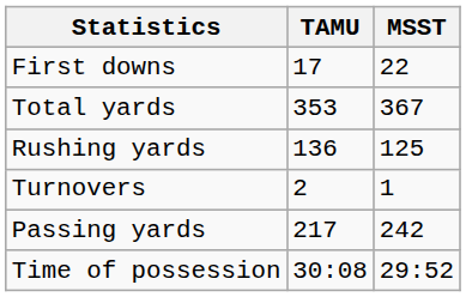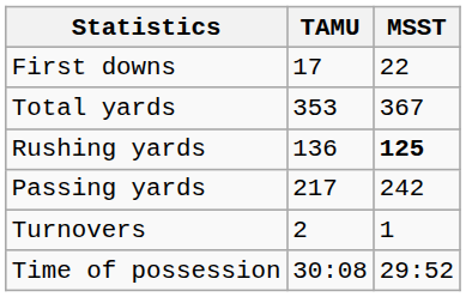 <table class="wikitable" style="float: left;">
 <tr>
 <th>Statistics</th>
 <th>TAMU</th>
 <th>MSST</th>
 </tr>
 <tr>
 <td>First downs</td>
 <td>17</td>
 <td>22</td>
 </tr>
 <tr>
 <td>Total yards</td>
 <td>353</td>
 <td>367</td>
 </tr>
 <tr>
 <td>Rushing yards</td>
 <td>136</td>
-<td>125</td>
+<td><strong>125</strong></td>
+</tr>
+<tr>
+<td>Passing yards</td>
+<td>217</td>
+<td>242</td>
 </tr>
 <tr>
 <td>Turnovers</td>
 <td>2</td>
 <td>1</td>
 </tr>
 <tr>
-<td>Passing yards</td>
-<td>217</td>
-<td>242</td>
-</tr>
-<tr>
 <td>Time of possession</td>
 <td>30:08</td>
 <td>29:52</td>
 </tr>
 </table>
